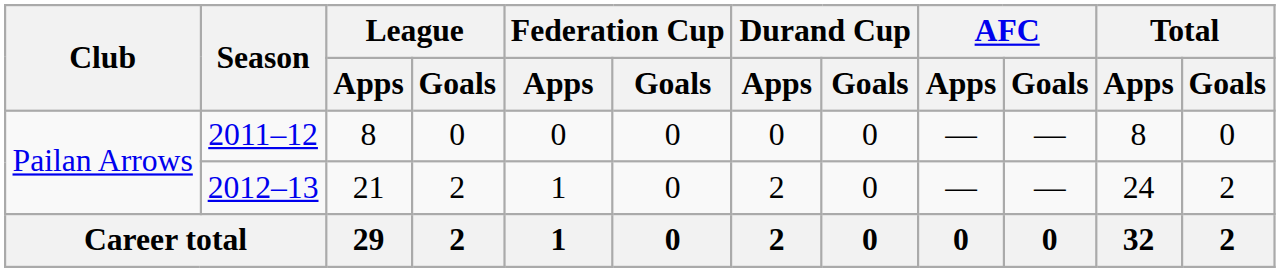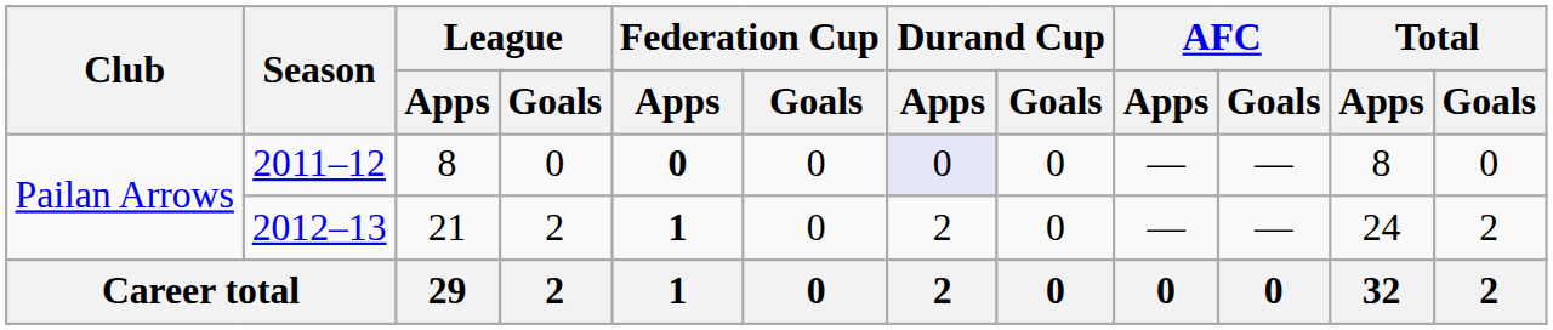 <table class="wikitable" style="font-size:90%; text-align:center;">
 <tr>
 <th rowspan="2">Club</th>
 <th rowspan="2">Season</th>
 <th colspan="2">League</th>
 <th colspan="2">Federation Cup</th>
 <th colspan="2">Durand Cup</th>
 <th colspan="2"><a href='#'>AFC</a></th>
 <th colspan="2">Total</th>
 </tr>
 <tr>
 <th>Apps</th>
 <th>Goals</th>
 <th>Apps</th>
 <th>Goals</th>
 <th>Apps</th>
 <th>Goals</th>
 <th>Apps</th>
 <th>Goals</th>
 <th>Apps</th>
 <th>Goals</th>
 </tr>
 <tr>
 <td rowspan="2"><a href='#'>Pailan Arrows</a></td>
 <td><a href='#'>2011–12</a></td>
 <td>8</td>
 <td>0</td>
+<td><strong>0</strong></td>
 <td>0</td>
-<td>0</td>
-<td>0</td>
+<td style="background: lavender;">0</td>
 <td>0</td>
 <td>—</td>
 <td>—</td>
 <td>8</td>
 <td>0</td>
 </tr>
 <tr>
 <td><a href='#'>2012–13</a></td>
 <td>21</td>
 <td>2</td>
-<td>1</td>
+<td><strong>1</strong></td>
 <td>0</td>
 <td>2</td>
 <td>0</td>
 <td>—</td>
 <td>—</td>
 <td>24</td>
 <td>2</td>
 </tr>
 <tr>
 <th colspan="2">Career total</th>
 <th>29</th>
 <th>2</th>
 <th>1</th>
 <th>0</th>
 <th>2</th>
 <th>0</th>
 <th>0</th>
 <th>0</th>
 <th>32</th>
 <th>2</th>
 </tr>
 </table>
